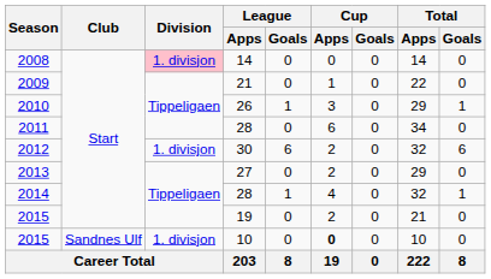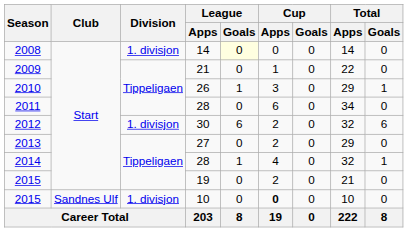 <table class="wikitable" style="text-align: center;">
 <tr>
 <th rowspan="2">Season</th>
 <th rowspan="2">Club</th>
 <th rowspan="2">Division</th>
 <th colspan="2">League</th>
 <th colspan="2">Cup</th>
 <th colspan="2">Total</th>
 </tr>
 <tr>
 <th>Apps</th>
 <th>Goals</th>
 <th>Apps</th>
 <th>Goals</th>
 <th>Apps</th>
 <th>Goals</th>
 </tr>
 <tr>
 <td><a href='#'>2008</a></td>
 <td rowspan="8" valign="center"><a href='#'>Start</a></td>
-<td style="background: pink;"><a href='#'>1. divisjon</a></td>
+<td><a href='#'>1. divisjon</a></td>
 <td>14</td>
-<td>0</td>
+<td style="background: lightyellow;">0</td>
 <td>0</td>
 <td>0</td>
 <td>14</td>
 <td>0</td>
 </tr>
 <tr>
 <td><a href='#'>2009</a></td>
 <td rowspan="3" valign="center"><a href='#'>Tippeligaen</a></td>
 <td>21</td>
 <td>0</td>
 <td>1</td>
 <td>0</td>
 <td>22</td>
 <td>0</td>
 </tr>
 <tr>
 <td><a href='#'>2010</a></td>
 <td>26</td>
 <td>1</td>
 <td>3</td>
 <td>0</td>
 <td>29</td>
 <td>1</td>
 </tr>
 <tr>
 <td><a href='#'>2011</a></td>
 <td>28</td>
 <td>0</td>
 <td>6</td>
 <td>0</td>
 <td>34</td>
 <td>0</td>
 </tr>
 <tr>
 <td><a href='#'>2012</a></td>
 <td><a href='#'>1. divisjon</a></td>
 <td>30</td>
 <td>6</td>
 <td>2</td>
 <td>0</td>
 <td>32</td>
 <td>6</td>
 </tr>
 <tr>
 <td><a href='#'>2013</a></td>
 <td rowspan="3" valign="center"><a href='#'>Tippeligaen</a></td>
 <td>27</td>
 <td>0</td>
 <td>2</td>
 <td>0</td>
 <td>29</td>
 <td>0</td>
 </tr>
 <tr>
 <td><a href='#'>2014</a></td>
 <td>28</td>
 <td>1</td>
 <td>4</td>
 <td>0</td>
 <td>32</td>
 <td>1</td>
 </tr>
 <tr>
 <td><a href='#'>2015</a></td>
 <td>19</td>
 <td>0</td>
 <td>2</td>
 <td>0</td>
 <td>21</td>
 <td>0</td>
 </tr>
 <tr>
 <td><a href='#'>2015</a></td>
 <td rowspan="1" valign="center"><a href='#'>Sandnes Ulf</a></td>
 <td rowspan="1" valign="center"><a href='#'>1. divisjon</a></td>
 <td>10</td>
 <td>0</td>
 <td><strong>0</strong></td>
 <td>0</td>
 <td>10</td>
 <td>0</td>
 </tr>
 <tr>
 <th colspan="3">Career Total</th>
 <th>203</th>
 <th>8</th>
 <th>19</th>
 <th>0</th>
 <th>222</th>
 <th>8</th>
 </tr>
 </table>
